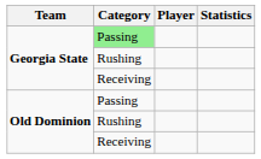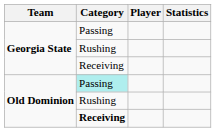 <table class="wikitable" style="float: right;">
 <tr>
 <th>Team</th>
 <th>Category</th>
 <th>Player</th>
 <th>Statistics</th>
 </tr>
 <tr>
 <td rowspan=3><strong>Georgia State</strong></td>
-<td style="background: lightgreen;">Passing</td>
+<td>Passing</td>
 <td></td>
 <td></td>
 </tr>
 <tr>
 <td>Rushing</td>
 <td></td>
 <td></td>
 </tr>
 <tr>
 <td>Receiving</td>
 <td></td>
 <td></td>
 </tr>
 <tr>
 <td rowspan=3><strong>Old Dominion</strong></td>
-<td>Passing</td>
+<td style="background: paleturquoise;">Passing</td>
 <td></td>
 <td></td>
 </tr>
 <tr>
 <td>Rushing</td>
 <td></td>
 <td></td>
 </tr>
 <tr>
-<td>Receiving</td>
+<td><strong>Receiving</strong></td>
 <td></td>
 <td></td>
 </tr>
 </table>
